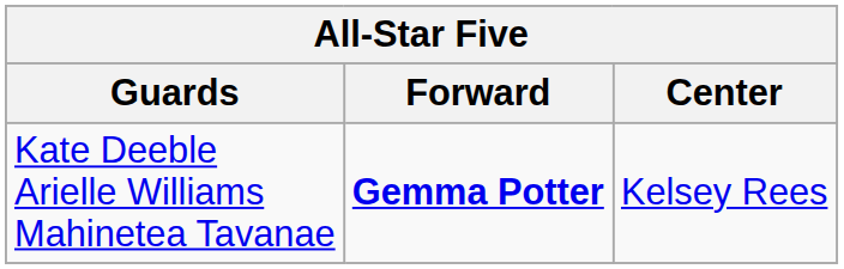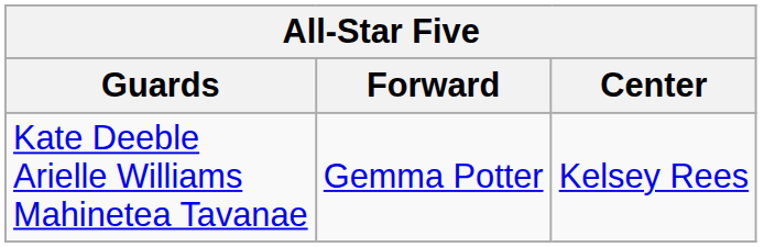 <table class=wikitable>
 <tr>
 <th colspan=3 align=center>All-Star Five</th>
 </tr>
 <tr>
 <th>Guards</th>
 <th>Forward</th>
 <th>Center</th>
 </tr>
 <tr>
 <td> <a href='#'>Kate Deeble</a><br> <a href='#'>Arielle Williams</a><br> <a href='#'>Mahinetea Tavanae</a></td>
-<td valign=center><strong> <a href='#'>Gemma Potter</a></strong></td>
+<td valign=center> <a href='#'>Gemma Potter</a></td>
 <td> <a href='#'>Kelsey Rees</a></td>
 </tr>
 </table>
